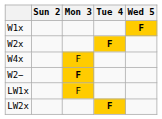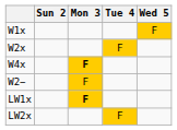 <table align=right class="wikitable" style="margin:0.5em auto; font-size:90%; line-height:1.25em; text-align:center;">
 <tr>
 <th></th>
 <th colspan=2>Sun 2</th>
 <th>Mon 3</th>
 <th>Tue 4</th>
 <th>Wed 5</th>
 </tr>
 <tr>
 <td align=left>W1x</td>
 <td colspan=2></td>
 <td></td>
 <td></td>
-<td style="background-color:#FFCC00;"><strong>F</strong></td>
+<td style="background-color:#FFCC00;">F</td>
 </tr>
 <tr>
 <td align=left>W2x</td>
 <td colspan=2></td>
 <td></td>
-<td style="background-color:#FFCC00;"><strong>F</strong></td>
+<td style="background-color:#FFCC00;">F</td>
 <td></td>
 </tr>
 <tr>
 <td align=left>W4x</td>
+<td colspan=2></td>
+<td style="background-color:#FFCC00;"><strong>F</strong></td>
+<td></td>
+<td></td>
+</tr>
+<tr>
+<td align=left>W2−</td>
 <td colspan=2></td>
 <td style="background-color:#FFCC00;">F</td>
 <td></td>
 <td></td>
 </tr>
 <tr>
-<td align=left>W2−</td>
+<td align=left>LW1x</td>
 <td colspan=2></td>
 <td style="background-color:#FFCC00;"><strong>F</strong></td>
-<td></td>
-<td></td>
-</tr>
-<tr>
-<td align=left>LW1x</td>
-<td colspan=2></td>
-<td style="background-color:#FFCC00;">F</td>
 <td></td>
 <td></td>
 </tr>
 <tr>
 <td align=left>LW2x</td>
 <td colspan=2></td>
 <td></td>
-<td style="background-color:#FFCC00;"><strong>F</strong></td>
+<td style="background-color:#FFCC00;">F</td>
 <td></td>
 </tr>
 </table>
